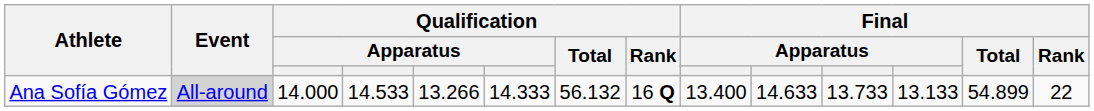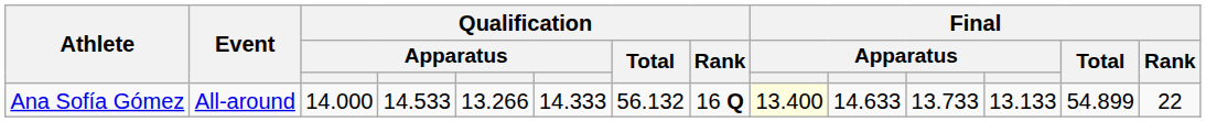 <table class="wikitable" style="font-size:90%">
 <tr>
 <th rowspan=3>Athlete</th>
 <th rowspan=3>Event</th>
 <th colspan =6>Qualification</th>
 <th colspan =6>Final</th>
 </tr>
 <tr style="font-size:95%">
 <th colspan=4>Apparatus</th>
 <th rowspan=2>Total</th>
 <th rowspan=2>Rank</th>
 <th colspan=4>Apparatus</th>
 <th rowspan=2>Total</th>
 <th rowspan=2>Rank</th>
 </tr>
 <tr style="font-size:95%">
 <th></th>
 <th></th>
 <th></th>
 <th></th>
 <th></th>
 <th></th>
 <th></th>
 <th></th>
 </tr>
 <tr align=center>
 <td align=left><a href='#'>Ana Sofía Gómez</a></td>
-<td align=left style="background: lightgrey;"><a href='#'>All-around</a></td>
+<td align=left><a href='#'>All-around</a></td>
 <td>14.000</td>
 <td>14.533</td>
 <td>13.266</td>
 <td>14.333</td>
 <td>56.132</td>
 <td>16 <strong>Q</strong></td>
-<td>13.400</td>
+<td style="background: lightyellow;">13.400</td>
 <td>14.633</td>
 <td>13.733</td>
 <td>13.133</td>
 <td>54.899</td>
 <td>22</td>
 </tr>
 </table>
